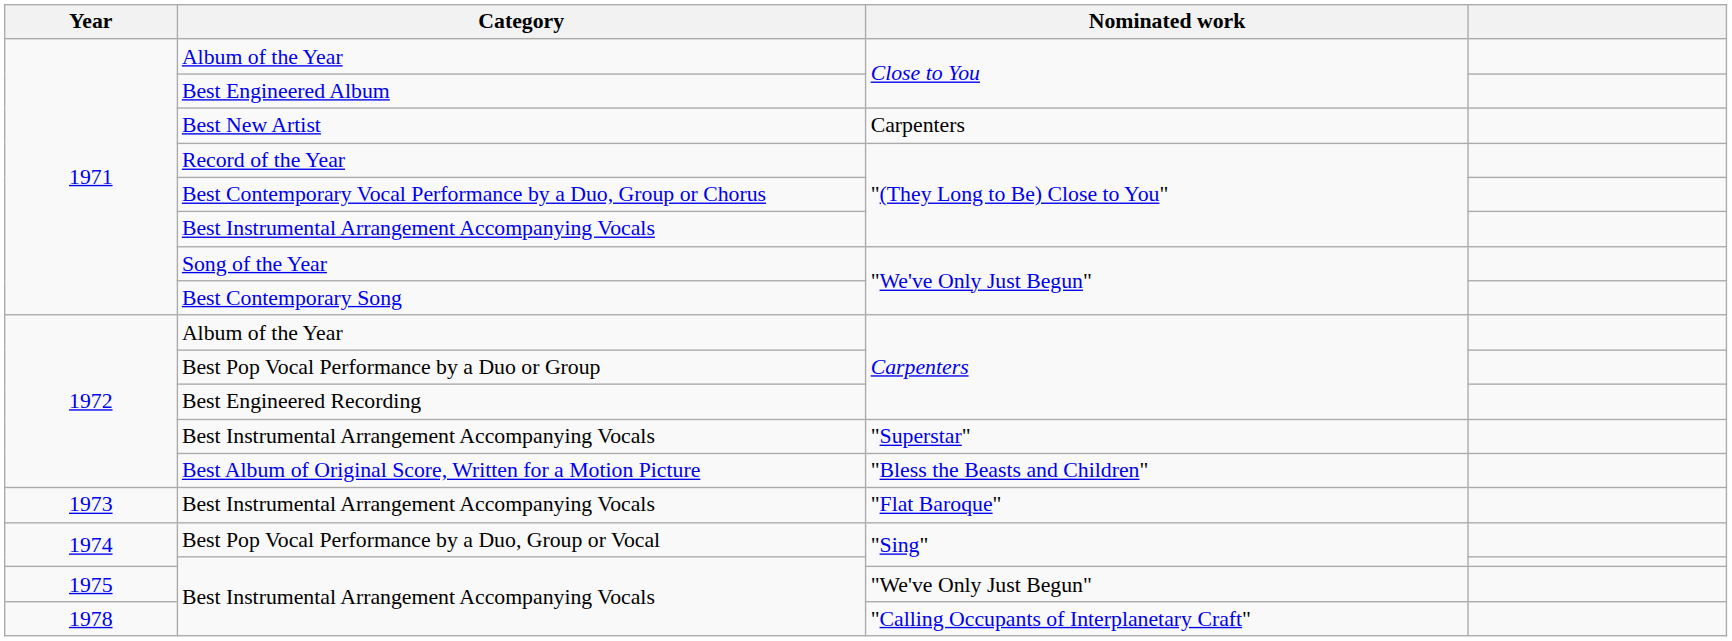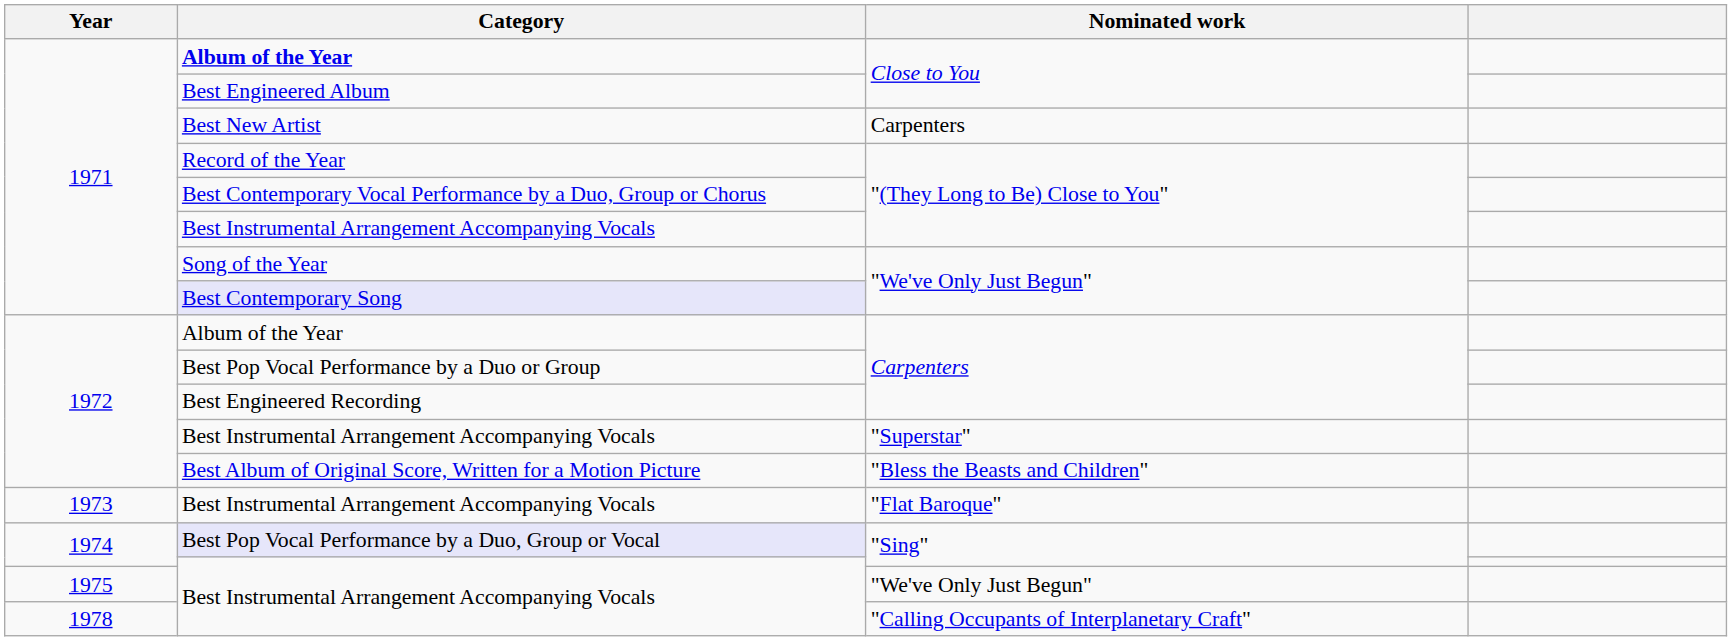 <table width="80%" class="wikitable">
 <tr>
 <th style="width:10%;">Year</th>
 <th style="width:40%;">Category</th>
 <th style="width:35%;">Nominated work</th>
 <th></th>
 </tr>
 <tr>
 <td rowspan="8" style="text-align:center;"><a href='#'>1971</a></td>
-<td><a href='#'>Album of the Year</a></td>
+<td><strong><a href='#'>Album of the Year</a></strong></td>
 <td rowspan="2"><em><a href='#'>Close to You</a></em></td>
 <td></td>
 </tr>
 <tr>
 <td><a href='#'>Best Engineered Album</a></td>
 <td></td>
 </tr>
 <tr>
 <td><a href='#'>Best New Artist</a></td>
 <td>Carpenters</td>
 <td></td>
 </tr>
 <tr>
 <td><a href='#'>Record of the Year</a></td>
 <td rowspan="3">"<a href='#'>(They Long to Be) Close to You</a>"</td>
 <td></td>
 </tr>
 <tr>
 <td><a href='#'>Best Contemporary Vocal Performance by a Duo, Group or Chorus</a></td>
 <td></td>
 </tr>
 <tr>
 <td><a href='#'>Best Instrumental Arrangement Accompanying Vocals</a></td>
 <td></td>
 </tr>
 <tr>
 <td><a href='#'>Song of the Year</a></td>
 <td rowspan="2">"<a href='#'>We've Only Just Begun</a>"</td>
 <td></td>
 </tr>
 <tr>
-<td><a href='#'>Best Contemporary Song</a></td>
+<td style="background: lavender;"><a href='#'>Best Contemporary Song</a></td>
 <td></td>
 </tr>
 <tr>
 <td rowspan="5" style="text-align:center;"><a href='#'>1972</a></td>
 <td>Album of the Year</td>
 <td rowspan="3"><em><a href='#'>Carpenters</a></em></td>
 <td></td>
 </tr>
 <tr>
 <td>Best Pop Vocal Performance by a Duo or Group</td>
 <td></td>
 </tr>
 <tr>
 <td>Best Engineered Recording</td>
 <td></td>
 </tr>
 <tr>
 <td>Best Instrumental Arrangement Accompanying Vocals</td>
 <td>"<a href='#'>Superstar</a>"</td>
 <td></td>
 </tr>
 <tr>
 <td><a href='#'>Best Album of Original Score, Written for a Motion Picture</a></td>
 <td>"<a href='#'>Bless the Beasts and Children</a>"</td>
 <td></td>
 </tr>
 <tr>
 <td rowspan="1" style="text-align:center;"><a href='#'>1973</a></td>
 <td>Best Instrumental Arrangement Accompanying Vocals</td>
 <td>"<a href='#'>Flat Baroque</a>"</td>
 <td></td>
 </tr>
 <tr>
 <td rowspan="2" style="text-align:center;"><a href='#'>1974</a></td>
-<td>Best Pop Vocal Performance by a Duo, Group or Vocal</td>
+<td style="background: lavender;">Best Pop Vocal Performance by a Duo, Group or Vocal</td>
 <td rowspan="2">"<a href='#'>Sing</a>"</td>
 <td></td>
 </tr>
 <tr>
 <td rowspan="3">Best Instrumental Arrangement Accompanying Vocals</td>
 <td></td>
 </tr>
 <tr>
 <td rowspan="1" style="text-align:center;"><a href='#'>1975</a></td>
 <td>"We've Only Just Begun"</td>
 <td></td>
 </tr>
 <tr>
 <td rowspan="1" style="text-align:center;"><a href='#'>1978</a></td>
 <td>"<a href='#'>Calling Occupants of Interplanetary Craft</a>"</td>
 <td></td>
 </tr>
 </table>
